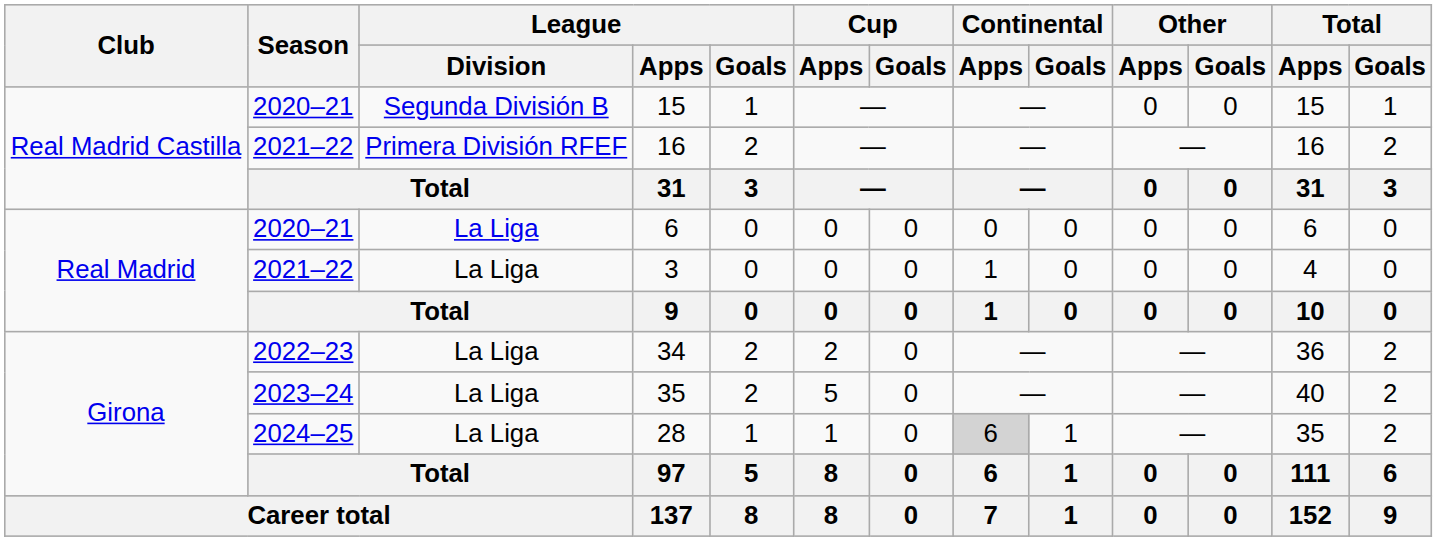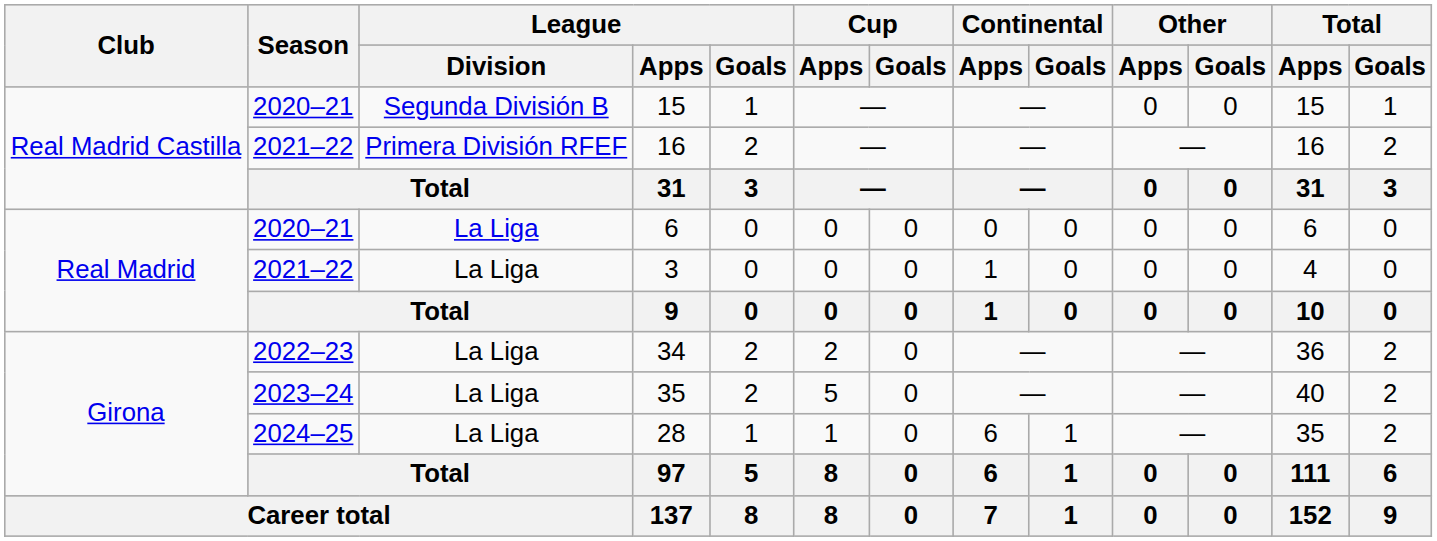 <table class="wikitable" style="text-align:center">
 <tr>
 <th rowspan="2">Club</th>
 <th rowspan="2">Season</th>
 <th colspan="3">League</th>
 <th colspan="2">Cup</th>
 <th colspan="2">Continental</th>
 <th colspan="2">Other</th>
 <th colspan="2">Total</th>
 </tr>
 <tr>
 <th>Division</th>
 <th>Apps</th>
 <th>Goals</th>
 <th>Apps</th>
 <th>Goals</th>
 <th>Apps</th>
 <th>Goals</th>
 <th>Apps</th>
 <th>Goals</th>
 <th>Apps</th>
 <th>Goals</th>
 </tr>
 <tr>
 <td rowspan="3"><a href='#'>Real Madrid Castilla</a></td>
 <td><a href='#'>2020–21</a></td>
 <td><a href='#'>Segunda División B</a></td>
 <td>15</td>
 <td>1</td>
 <td colspan="2">—</td>
 <td colspan="2">—</td>
 <td>0</td>
 <td>0</td>
 <td>15</td>
 <td>1</td>
 </tr>
 <tr>
 <td><a href='#'>2021–22</a></td>
 <td><a href='#'>Primera División RFEF</a></td>
 <td>16</td>
 <td>2</td>
 <td colspan="2">—</td>
 <td colspan="2">—</td>
 <td colspan="2">—</td>
 <td>16</td>
 <td>2</td>
 </tr>
 <tr>
 <th colspan="2">Total</th>
 <th>31</th>
 <th>3</th>
 <th colspan="2">—</th>
 <th colspan="2">—</th>
 <th>0</th>
 <th>0</th>
 <th>31</th>
 <th>3</th>
 </tr>
 <tr>
 <td rowspan="3"><a href='#'>Real Madrid</a></td>
 <td><a href='#'>2020–21</a></td>
 <td><a href='#'>La Liga</a></td>
 <td>6</td>
 <td>0</td>
 <td>0</td>
 <td>0</td>
 <td>0</td>
 <td>0</td>
 <td>0</td>
 <td>0</td>
 <td>6</td>
 <td>0</td>
 </tr>
 <tr>
 <td><a href='#'>2021–22</a></td>
 <td>La Liga</td>
 <td>3</td>
 <td>0</td>
 <td>0</td>
 <td>0</td>
 <td>1</td>
 <td>0</td>
 <td>0</td>
 <td>0</td>
 <td>4</td>
 <td>0</td>
 </tr>
 <tr>
 <th colspan="2">Total</th>
 <th>9</th>
 <th>0</th>
 <th>0</th>
 <th>0</th>
 <th>1</th>
 <th>0</th>
 <th>0</th>
 <th>0</th>
 <th>10</th>
 <th>0</th>
 </tr>
 <tr>
 <td rowspan="4"><a href='#'>Girona</a></td>
 <td><a href='#'>2022–23</a></td>
 <td>La Liga</td>
 <td>34</td>
 <td>2</td>
 <td>2</td>
 <td>0</td>
 <td colspan="2">—</td>
 <td colspan="2">—</td>
 <td>36</td>
 <td>2</td>
 </tr>
 <tr>
 <td><a href='#'>2023–24</a></td>
 <td>La Liga</td>
 <td>35</td>
 <td>2</td>
 <td>5</td>
 <td>0</td>
 <td colspan="2">—</td>
 <td colspan="2">—</td>
 <td>40</td>
 <td>2</td>
 </tr>
 <tr>
 <td><a href='#'>2024–25</a></td>
 <td>La Liga</td>
 <td>28</td>
 <td>1</td>
 <td>1</td>
 <td>0</td>
-<td style="background: lightgrey;">6</td>
+<td>6</td>
 <td>1</td>
 <td colspan="2">—</td>
 <td>35</td>
 <td>2</td>
 </tr>
 <tr>
 <th colspan="2">Total</th>
 <th>97</th>
 <th>5</th>
 <th>8</th>
 <th>0</th>
 <th>6</th>
 <th>1</th>
 <th>0</th>
 <th>0</th>
 <th>111</th>
 <th>6</th>
 </tr>
 <tr>
 <th colspan="3">Career total</th>
 <th>137</th>
 <th>8</th>
 <th>8</th>
 <th>0</th>
 <th>7</th>
 <th>1</th>
 <th>0</th>
 <th>0</th>
 <th>152</th>
 <th>9</th>
 </tr>
 </table>
